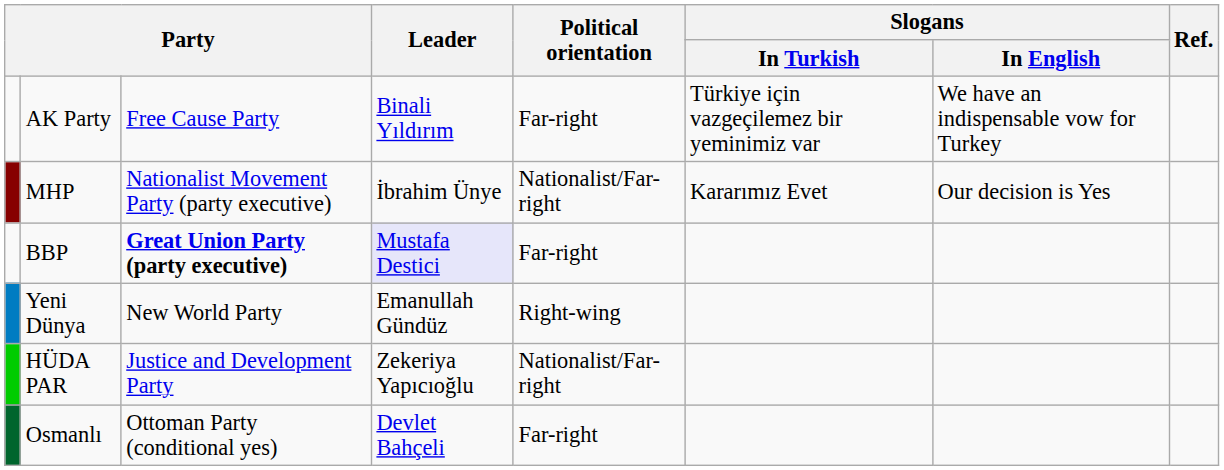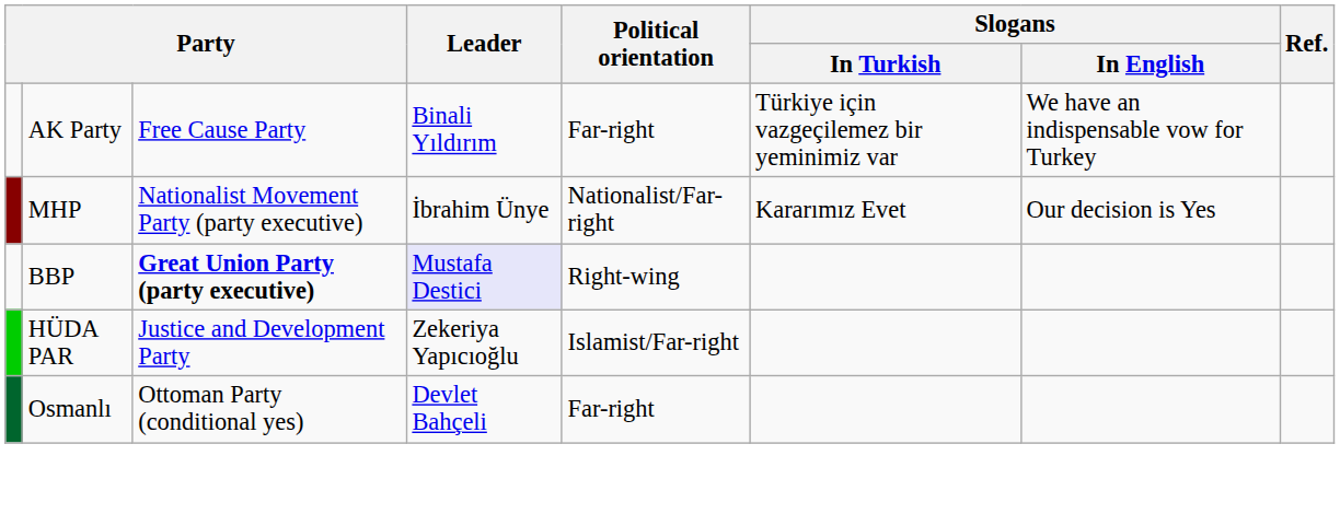 <table class=wikitable>
 <tr>
 <th rowspan=2 colspan="3">Party</th>
 <th rowspan=2>Leader</th>
 <th rowspan=2>Political orientation</th>
 <th colspan="2">Slogans</th>
 <th rowspan=2>Ref.</th>
 </tr>
 <tr>
 <th> In <a href='#'>Turkish</a></th>
 <th> In <a href='#'>English</a></th>
 </tr>
 <tr>
 <td style="background:"></td>
 <td>AK Party</td>
 <td><a href='#'>Free Cause Party</a></td>
 <td><a href='#'>Binali Yıldırım</a></td>
 <td>Far-right</td>
 <td>Türkiye için vazgeçilemez bir yeminimiz var</td>
 <td>We have an indispensable vow for Turkey</td>
 <td></td>
 </tr>
 <tr>
 <td style="background:#870000; width:4px; text-align:center;"></td>
 <td>MHP</td>
 <td><a href='#'>Nationalist Movement Party</a> (party executive)</td>
 <td>İbrahim Ünye</td>
 <td>Nationalist/Far-right</td>
 <td>Kararımız Evet</td>
 <td>Our decision is Yes</td>
 <td></td>
 </tr>
 <tr>
 <td style="background:"></td>
 <td>BBP</td>
 <td><strong><a href='#'>Great Union Party</a> (party executive)</strong></td>
 <td style="background: lavender;"><a href='#'>Mustafa Destici</a></td>
-<td>Far-right</td>
-<td></td>
-<td></td>
-<td></td>
-</tr>
-<tr>
-<td style="background:#007CC2; width:4px; text-align:center;"></td>
-<td>Yeni Dünya</td>
-<td>New World Party</td>
-<td>Emanullah Gündüz</td>
 <td>Right-wing</td>
 <td></td>
 <td></td>
 <td></td>
 </tr>
 <tr>
 <td style="background:#0c0; width:4px; text-align:center;"></td>
 <td>HÜDA PAR</td>
 <td><a href='#'>Justice and Development Party</a></td>
 <td>Zekeriya Yapıcıoğlu</td>
-<td>Nationalist/Far-right</td>
+<td>Islamist/Far-right</td>
 <td></td>
 <td></td>
 <td></td>
 </tr>
 <tr>
 <td style="background:#00652D; width:4px; text-align:center;"></td>
 <td>Osmanlı</td>
 <td>Ottoman Party (conditional yes)</td>
 <td><a href='#'>Devlet Bahçeli</a></td>
 <td>Far-right</td>
 <td></td>
 <td></td>
 <td></td>
 </tr>
 </table>
